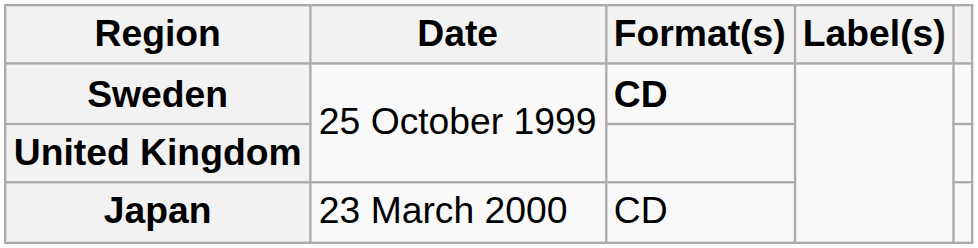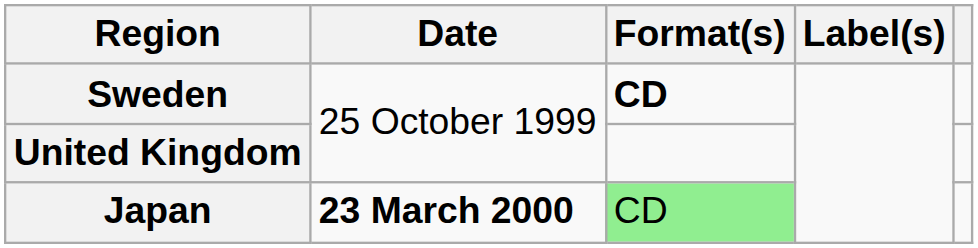 <table class="wikitable plainrowheaders">
 <tr>
 <th scope="col">Region</th>
 <th scope="col">Date</th>
 <th scope="col">Format(s)</th>
 <th scope="col">Label(s)</th>
 <th scope="col"></th>
 </tr>
 <tr>
 <th scope="row">Sweden</th>
 <td rowspan="2">25 October 1999</td>
 <td><strong>CD</strong></td>
 <td rowspan="3"></td>
 <td></td>
 </tr>
 <tr>
 <th scope="row">United Kingdom</th>
 <td></td>
 <td></td>
 </tr>
 <tr>
 <th scope="row">Japan</th>
-<td>23 March 2000</td>
-<td>CD</td>
+<td><strong>23 March 2000</strong></td>
+<td style="background: lightgreen;">CD</td>
 <td></td>
 </tr>
 </table>
